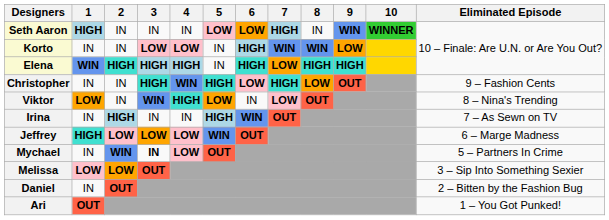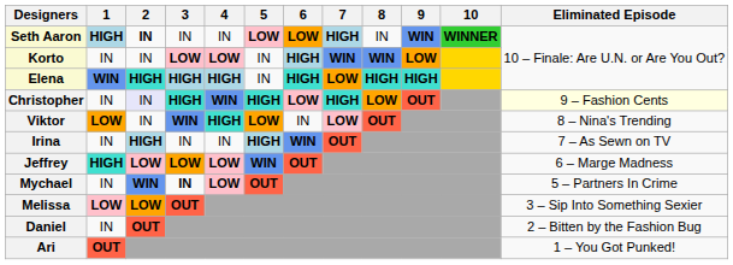 <table class="wikitable" style="text-align:center">
 <tr>
 <th>Designers</th>
 <th>1</th>
 <th>2</th>
 <th>3</th>
 <th>4</th>
 <th>5</th>
 <th>6</th>
 <th>7</th>
 <th>8</th>
 <th>9</th>
 <th>10</th>
 <th>Eliminated Episode</th>
 </tr>
 <tr>
 <th style="background:#FAFAD2;">Seth Aaron</th>
 <td style="background:lightblue;"><strong>HIGH</strong></td>
-<td>IN</td>
+<td><strong>IN</strong></td>
 <td>IN</td>
 <td>IN</td>
 <td style="background:pink;"><strong>LOW</strong></td>
 <td style="background:orange;"><strong>LOW</strong></td>
 <td style="background:lightblue;"><strong>HIGH</strong></td>
 <td>IN</td>
 <td style="background:cornflowerblue;"><strong>WIN</strong></td>
 <td style="background:limegreen;"><strong>WINNER</strong></td>
 <td nowrap="" rowspan="3">10 – Finale: Are U.N. or Are You Out?</td>
 </tr>
 <tr>
 <th style="background:#FAFAD2;">Korto</th>
 <td>IN</td>
 <td>IN</td>
 <td style="background:pink;"><strong>LOW</strong></td>
 <td style="background:pink;"><strong>LOW</strong></td>
 <td>IN</td>
 <td style="background:lightblue;"><strong>HIGH</strong></td>
 <td style="background:cornflowerblue;"><strong>WIN</strong></td>
 <td style="background:cornflowerblue;"><strong>WIN</strong></td>
 <td style="background:orange;"><strong>LOW</strong></td>
 <td style="background:gold;"></td>
 </tr>
 <tr>
 <th style="background:#FAFAD2;">Elena</th>
 <td style="background:cornflowerblue;"><strong>WIN</strong></td>
 <td style="background:turquoise;"><strong>HIGH</strong></td>
 <td style="background:lightblue;"><strong>HIGH</strong></td>
 <td style="background:lightblue;"><strong>HIGH</strong></td>
 <td>IN</td>
 <td style="background:turquoise;"><strong>HIGH</strong></td>
 <td style="background:orange;"><strong>LOW</strong></td>
 <td style="background:turquoise;"><strong>HIGH</strong></td>
 <td style="background:turquoise;"><strong>HIGH</strong></td>
 <td style="background:gold;"></td>
 </tr>
 <tr>
 <th>Christopher</th>
 <td>IN</td>
-<td>IN</td>
+<td style="background: lavender;">IN</td>
 <td style="background:turquoise;"><strong>HIGH</strong></td>
 <td style="background:cornflowerblue;"><strong>WIN</strong></td>
 <td style="background:turquoise;"><strong>HIGH</strong></td>
 <td style="background:pink;"><strong>LOW</strong></td>
 <td style="background:turquoise;"><strong>HIGH</strong></td>
 <td style="background:orange;"><strong>LOW</strong></td>
 <td style="background:tomato;"><strong>OUT</strong></td>
 <td style="background:darkgray;" colspan="1"></td>
-<td>9 – Fashion Cents</td>
+<td style="background: lightyellow;">9 – Fashion Cents</td>
 </tr>
 <tr>
 <th>Viktor</th>
 <td style="background:orange;"><strong>LOW</strong></td>
 <td>IN</td>
 <td style="background:cornflowerblue;"><strong>WIN</strong></td>
 <td style="background:turquoise;"><strong>HIGH</strong></td>
 <td style="background:orange;"><strong>LOW</strong></td>
 <td>IN</td>
 <td style="background:pink;"><strong>LOW</strong></td>
 <td style="background:tomato;"><strong>OUT</strong></td>
 <td style="background:darkgray;" colspan="2"></td>
 <td>8 – Nina's Trending</td>
 </tr>
 <tr>
 <th>Irina</th>
 <td>IN</td>
 <td style="background:lightblue;"><strong>HIGH</strong></td>
 <td>IN</td>
 <td>IN</td>
 <td style="background:lightblue;"><strong>HIGH</strong></td>
 <td style="background:cornflowerblue;"><strong>WIN</strong></td>
 <td style="background:tomato;"><strong>OUT</strong></td>
 <td style="background:darkgray;" colspan="3"></td>
 <td>7 – As Sewn on TV</td>
 </tr>
 <tr>
 <th>Jeffrey</th>
 <td style="background:turquoise;"><strong>HIGH</strong></td>
 <td style="background:pink;"><strong>LOW</strong></td>
 <td style="background:orange;"><strong>LOW</strong></td>
 <td style="background:pink;"><strong>LOW</strong></td>
 <td style="background:cornflowerblue;"><strong>WIN</strong></td>
 <td style="background:tomato;"><strong>OUT</strong></td>
 <td style="background:darkgray;" colspan="4"></td>
 <td>6 – Marge Madness</td>
 </tr>
 <tr>
 <th>Mychael</th>
 <td>IN</td>
 <td style="background:cornflowerblue;"><strong>WIN</strong></td>
 <td><strong>IN</strong></td>
 <td style="background:pink;"><strong>LOW</strong></td>
 <td style="background:tomato;"><strong>OUT</strong></td>
 <td style="background:darkgray;" colspan="5"></td>
 <td>5 – Partners In Crime</td>
 </tr>
 <tr>
 <th>Melissa</th>
 <td style="background:pink;"><strong>LOW</strong></td>
 <td style="background:orange;"><strong>LOW</strong></td>
 <td style="background:tomato;"><strong>OUT</strong></td>
 <td style="background:darkgray;" colspan="7"></td>
 <td>3 – Sip Into Something Sexier</td>
 </tr>
 <tr>
 <th>Daniel</th>
 <td>IN</td>
 <td style="background:tomato;"><strong>OUT</strong></td>
 <td style="background:darkgray;" colspan="8"></td>
 <td>2 – Bitten by the Fashion Bug</td>
 </tr>
 <tr>
 <th>Ari</th>
 <td style="background:tomato;"><strong>OUT</strong></td>
 <td style="background:darkgray;" colspan="9"></td>
 <td>1 – You Got Punked!</td>
 </tr>
 </table>
